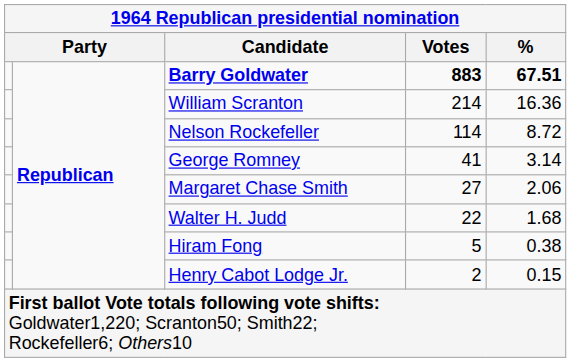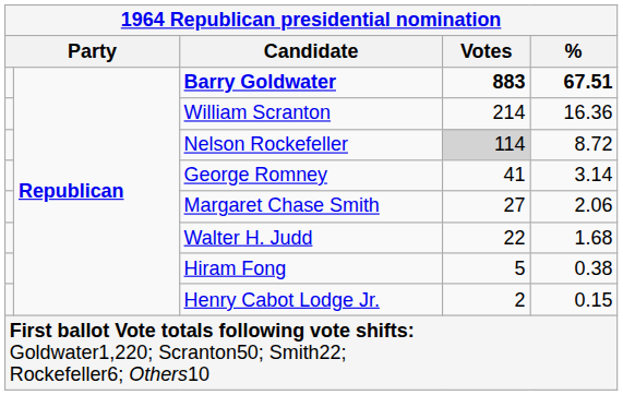 <table class="wikitable">
 <tr>
 <th colspan=5 style="background:#f5f5f5"><a href='#'>1964 Republican presidential nomination</a></th>
 </tr>
 <tr>
 <th style="width: 8em;" colspan=2>Party</th>
 <th>Candidate</th>
 <th>Votes</th>
 <th>%</th>
 </tr>
 <tr>
 <td style="background-color: "></td>
 <td style="width: 8em;" rowspan=8><strong><a href='#'>Republican</a></strong></td>
 <td style="width: 13em;"><strong><a href='#'>Barry Goldwater</a></strong></td>
 <td style="width: 4em; text-align:right"><strong>883</strong></td>
 <td style="width: 4em; text-align:right"><strong>67.51</strong></td>
 </tr>
 <tr>
 <td style="background-color: "></td>
 <td><a href='#'>William Scranton</a></td>
 <td style="text-align:right">214</td>
 <td style="text-align:right">16.36</td>
 </tr>
 <tr>
 <td style="background-color: "></td>
 <td><a href='#'>Nelson Rockefeller</a></td>
-<td style="text-align:right">114</td>
+<td style="background: lightgrey; text-align:right">114</td>
 <td style="text-align:right">8.72</td>
 </tr>
 <tr>
 <td style="background-color: "></td>
 <td><a href='#'>George Romney</a></td>
 <td style="text-align:right">41</td>
 <td style="text-align:right">3.14</td>
 </tr>
 <tr>
 <td style="background-color: "></td>
 <td><a href='#'>Margaret Chase Smith</a></td>
 <td style="text-align:right">27</td>
 <td style="text-align:right">2.06</td>
 </tr>
 <tr>
 <td style="background-color: "></td>
 <td><a href='#'>Walter H. Judd</a></td>
 <td style="text-align:right">22</td>
 <td style="text-align:right">1.68</td>
 </tr>
 <tr>
 <td style="background-color: "></td>
 <td><a href='#'>Hiram Fong</a></td>
 <td style="text-align:right">5</td>
 <td style="text-align:right">0.38</td>
 </tr>
 <tr>
 <td style="background-color: "></td>
 <td><a href='#'>Henry Cabot Lodge Jr.</a></td>
 <td style="text-align:right">2</td>
 <td style="text-align:right">0.15</td>
 </tr>
 <tr>
 <td colspan=5 style="background:#f5f5f5"><strong>First ballot Vote totals following vote shifts:</strong><br>Goldwater1,220; Scranton50; Smith22;<br>Rockefeller6; <em>Others</em>10</td>
 </tr>
 </table>
